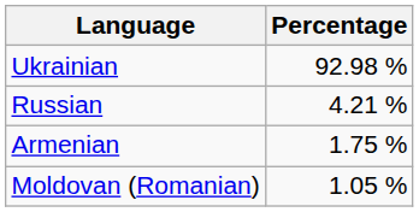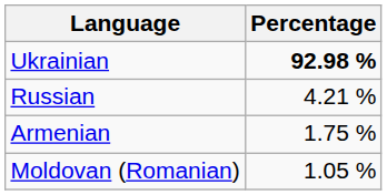 <table class="wikitable">
 <tr>
 <th>Language</th>
 <th>Percentage</th>
 </tr>
 <tr>
 <td><a href='#'>Ukrainian</a></td>
-<td align="right">92.98 %</td>
+<td align="right"><strong>92.98 %</strong></td>
 </tr>
 <tr>
 <td><a href='#'>Russian</a></td>
 <td align="right">4.21 %</td>
 </tr>
 <tr>
 <td><a href='#'>Armenian</a></td>
 <td align="right">1.75 %</td>
 </tr>
 <tr>
 <td><a href='#'>Moldovan</a> (<a href='#'>Romanian</a>)</td>
 <td align="right">1.05 %</td>
 </tr>
 </table>
